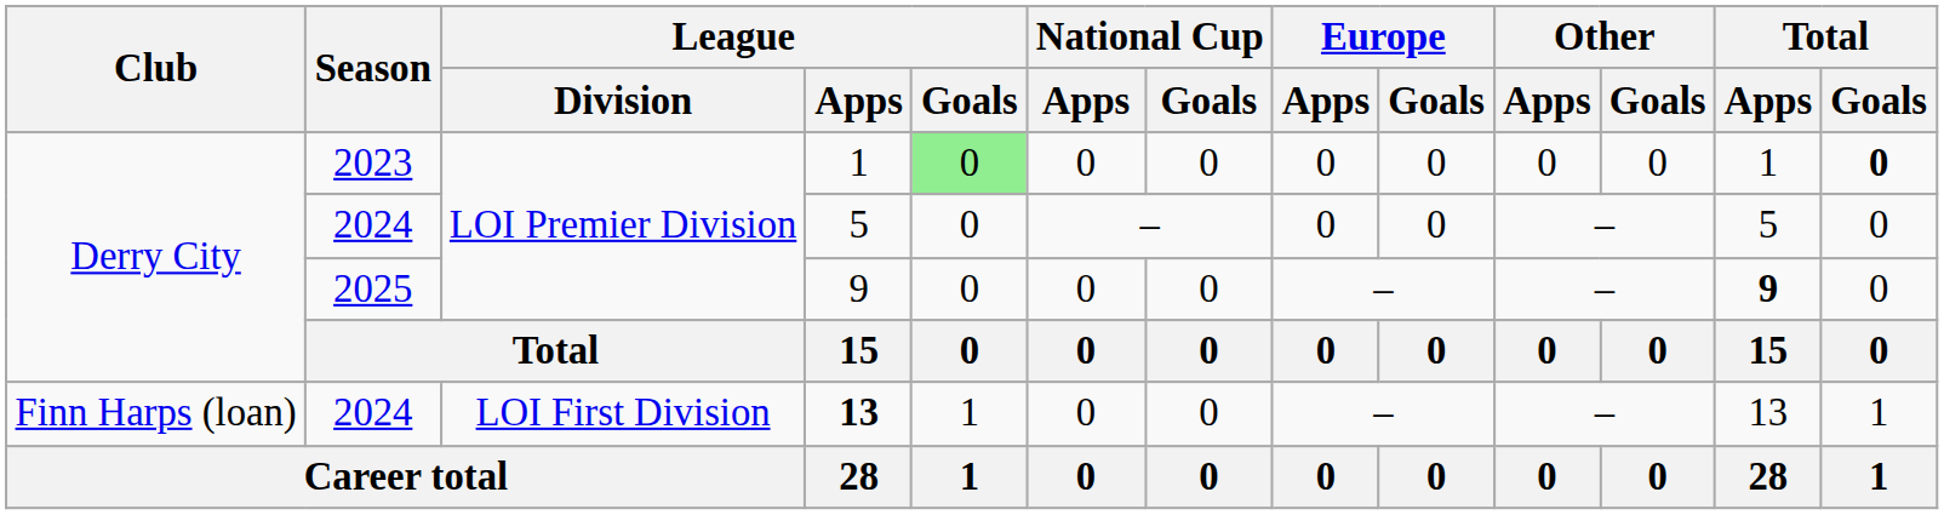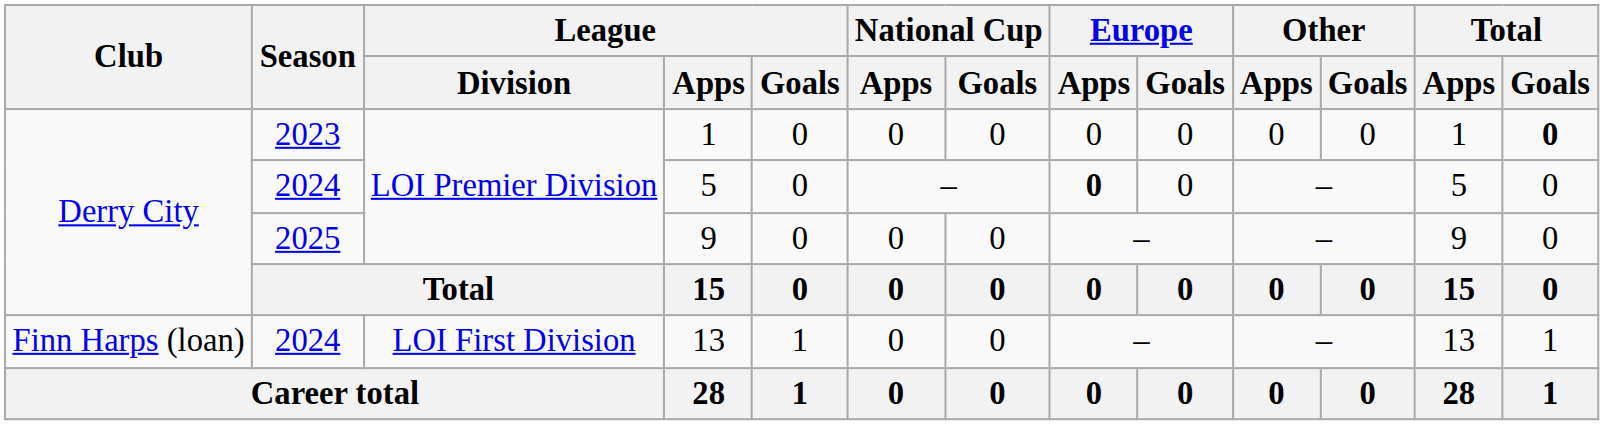 <table class=wikitable style="text-align: center">
 <tr>
 <th rowspan=2>Club</th>
 <th rowspan=2>Season</th>
 <th colspan=3>League</th>
 <th colspan=2>National Cup</th>
 <th colspan=2><a href='#'>Europe</a></th>
 <th colspan=2>Other</th>
 <th colspan=2>Total</th>
 </tr>
 <tr>
 <th>Division</th>
 <th>Apps</th>
 <th>Goals</th>
 <th>Apps</th>
 <th>Goals</th>
 <th>Apps</th>
 <th>Goals</th>
 <th>Apps</th>
 <th>Goals</th>
 <th>Apps</th>
 <th>Goals</th>
 </tr>
 <tr>
 <td rowspan="4"><a href='#'>Derry City</a></td>
 <td><a href='#'>2023</a></td>
 <td rowspan="3"><a href='#'>LOI Premier Division</a></td>
 <td>1</td>
-<td style="background: lightgreen;">0</td>
+<td>0</td>
 <td>0</td>
 <td>0</td>
 <td>0</td>
 <td>0</td>
 <td>0</td>
 <td>0</td>
 <td>1</td>
 <td><strong>0</strong></td>
 </tr>
 <tr>
 <td><a href='#'>2024</a></td>
 <td>5</td>
 <td>0</td>
 <td colspan="2">–</td>
-<td>0</td>
+<td><strong>0</strong></td>
 <td>0</td>
 <td colspan="2">–</td>
 <td>5</td>
 <td>0</td>
 </tr>
 <tr>
 <td><a href='#'>2025</a></td>
 <td>9</td>
 <td>0</td>
 <td>0</td>
 <td>0</td>
 <td colspan="2">–</td>
 <td colspan="2">–</td>
-<td><strong>9</strong></td>
+<td>9</td>
 <td>0</td>
 </tr>
 <tr>
 <th colspan="2">Total</th>
 <th>15</th>
 <th>0</th>
 <th>0</th>
 <th>0</th>
 <th>0</th>
 <th>0</th>
 <th>0</th>
 <th>0</th>
 <th>15</th>
 <th>0</th>
 </tr>
 <tr>
 <td><a href='#'>Finn Harps</a> (loan)</td>
 <td><a href='#'>2024</a></td>
 <td><a href='#'>LOI First Division</a></td>
-<td><strong>13</strong></td>
+<td>13</td>
 <td>1</td>
 <td>0</td>
 <td>0</td>
 <td colspan="2">–</td>
 <td colspan="2">–</td>
 <td>13</td>
 <td>1</td>
 </tr>
 <tr>
 <th colspan="3">Career total</th>
 <th>28</th>
 <th>1</th>
 <th>0</th>
 <th>0</th>
 <th>0</th>
 <th>0</th>
 <th>0</th>
 <th>0</th>
 <th>28</th>
 <th>1</th>
 </tr>
 </table>
